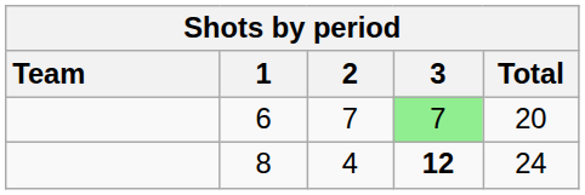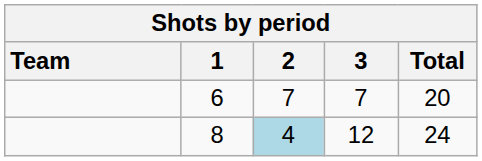 <table class="wikitable" style="width:20em; text-align:right;">
 <tr>
 <th colspan=6>Shots by period</th>
 </tr>
 <tr>
 <th style="width:8em; text-align:left;">Team</th>
 <th style="width:3em;">1</th>
 <th style="width:3em;">2</th>
 <th style="width:3em;">3</th>
 <th style="width:3em;">Total</th>
 </tr>
 <tr>
 <td style="text-align:left;"></td>
 <td align=center>6</td>
 <td align=center>7</td>
-<td align=center style="background: lightgreen;">7</td>
+<td align=center>7</td>
 <td align=center>20</td>
 </tr>
 <tr>
 <td style="text-align:left;"></td>
 <td align=center>8</td>
-<td align=center>4</td>
-<td align=center><strong>12</strong></td>
+<td align=center style="background: lightblue;">4</td>
+<td align=center>12</td>
 <td align=center>24</td>
 </tr>
 </table>
